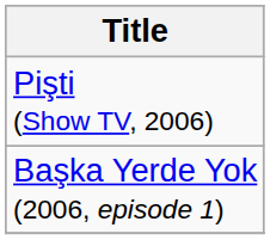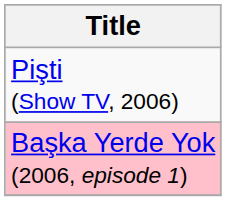 <table class="wikitable">
 <tr>
 <th>Title</th>
 </tr>
 <tr>
 <td><a href='#'>Pişti</a><br><small>(<a href='#'>Show TV</a>, 2006)</small></td>
 </tr>
 <tr>
-<td><a href='#'>Başka Yerde Yok</a> <br> <small>(2006, <em>episode 1</em>)</small></td>
+<td style="background: pink;"><a href='#'>Başka Yerde Yok</a> <br> <small>(2006, <em>episode 1</em>)</small></td>
 </tr>
 <tr>
 </tr>
 </table>
